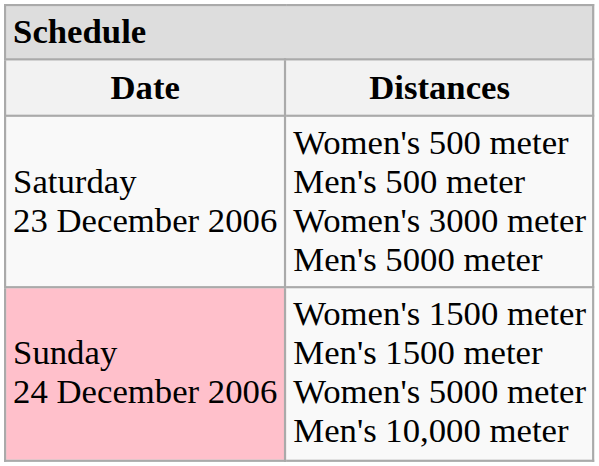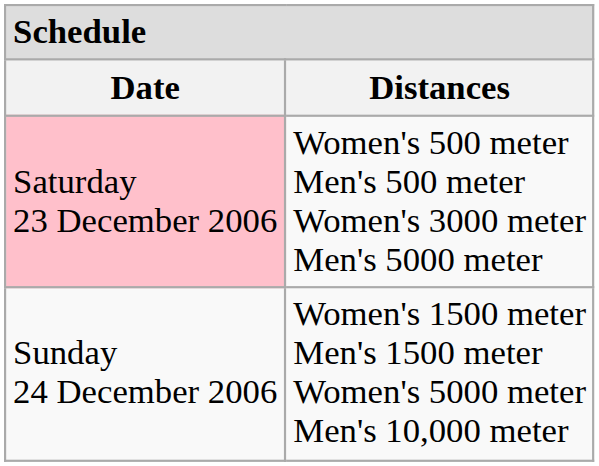 <table class="wikitable">
 <tr align=left bgcolor=#DDDDDD>
 <td colspan=3><strong>Schedule</strong></td>
 </tr>
 <tr align=left bgcolor=#EEEEEE>
 <th>Date</th>
 <th>Distances</th>
 </tr>
 <tr>
-<td>Saturday<br>23 December 2006</td>
+<td style="background: pink;">Saturday<br>23 December 2006</td>
 <td>Women's 500 meter<br>Men's 500 meter<br>Women's 3000 meter<br>Men's 5000 meter</td>
 </tr>
 <tr>
-<td style="background: pink;">Sunday<br>24 December 2006</td>
+<td>Sunday<br>24 December 2006</td>
 <td>Women's 1500 meter<br>Men's 1500 meter<br>Women's 5000 meter<br>Men's 10,000 meter</td>
 </tr>
 </table>
